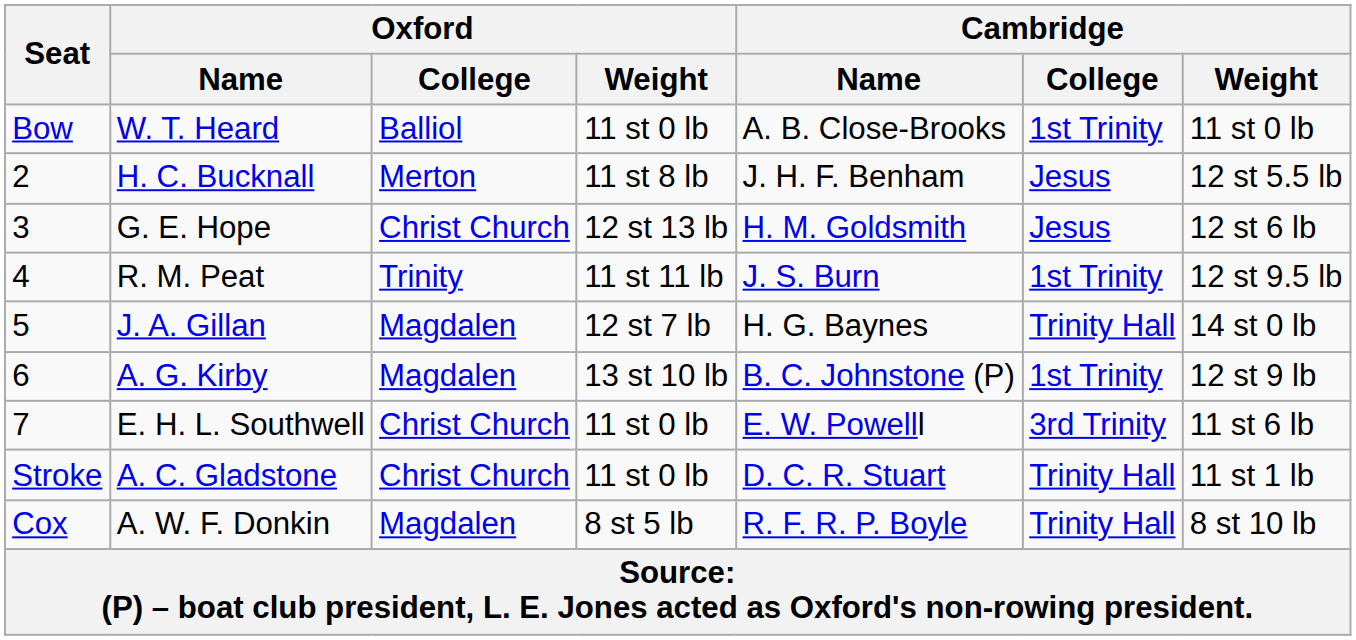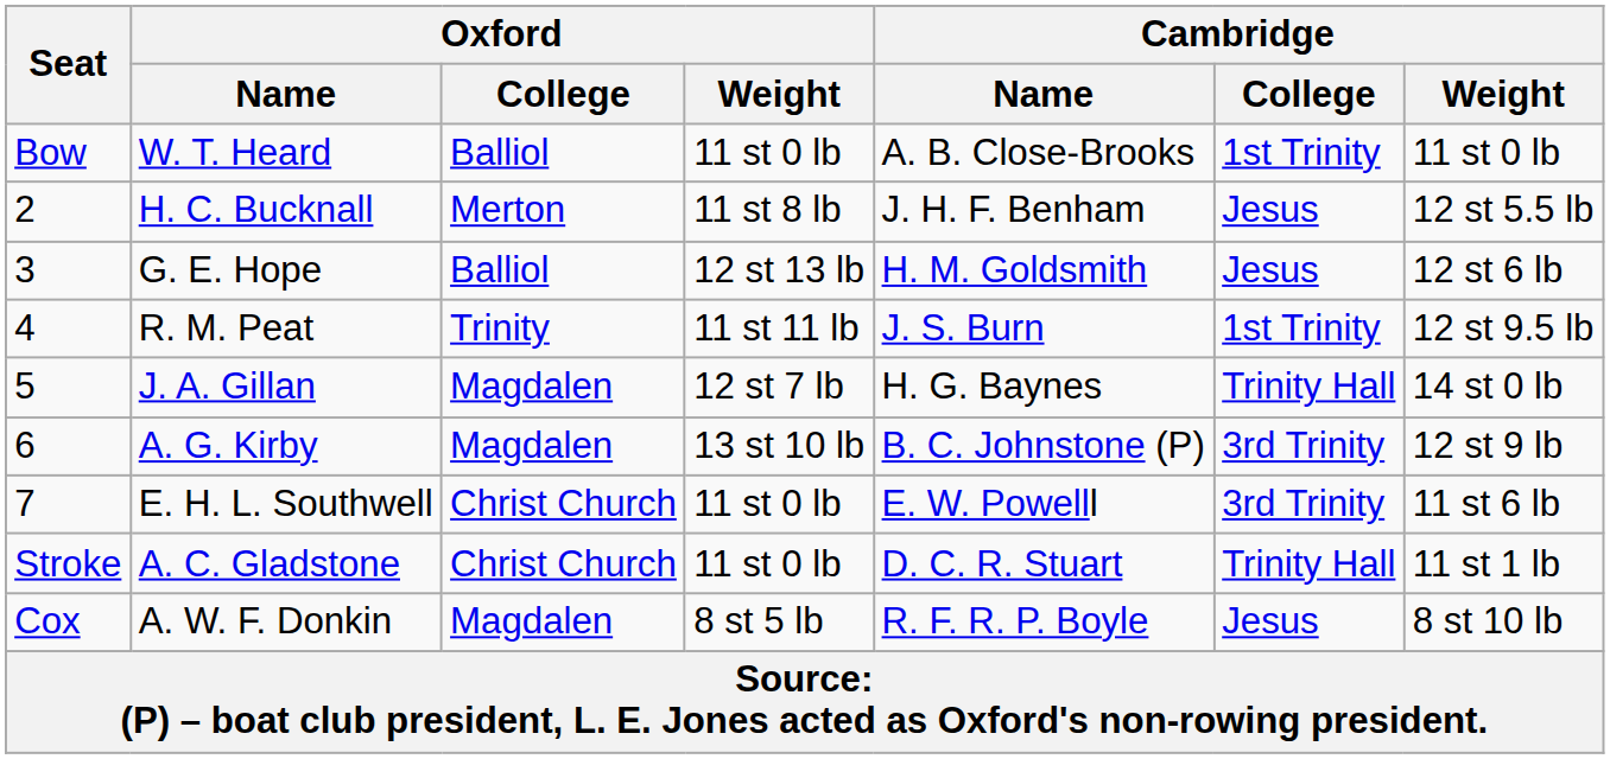 <table class="wikitable">
 <tr>
 <th rowspan="2" scope="col">Seat</th>
 <th colspan="3" scope="col">Oxford <br> </th>
 <th colspan="3" scope="col">Cambridge <br> </th>
 </tr>
 <tr>
 <th>Name</th>
 <th>College</th>
 <th>Weight</th>
 <th>Name</th>
 <th>College</th>
 <th>Weight</th>
 </tr>
 <tr>
 <td><a href='#'>Bow</a></td>
 <td><a href='#'>W. T. Heard</a></td>
 <td><a href='#'>Balliol</a></td>
 <td>11 st 0 lb</td>
 <td>A. B. Close-Brooks</td>
 <td><a href='#'>1st Trinity</a></td>
 <td>11 st 0 lb</td>
 </tr>
 <tr>
 <td>2</td>
 <td><a href='#'>H. C. Bucknall</a></td>
 <td><a href='#'>Merton</a></td>
 <td>11 st 8 lb</td>
 <td>J. H. F. Benham</td>
 <td><a href='#'>Jesus</a></td>
 <td>12 st 5.5 lb</td>
 </tr>
 <tr>
 <td>3</td>
 <td>G. E. Hope</td>
-<td><a href='#'>Christ Church</a></td>
+<td><a href='#'>Balliol</a></td>
 <td>12 st 13 lb</td>
 <td><a href='#'>H. M. Goldsmith</a></td>
 <td><a href='#'>Jesus</a></td>
 <td>12 st 6 lb</td>
 </tr>
 <tr>
 <td>4</td>
 <td>R. M. Peat</td>
 <td><a href='#'>Trinity</a></td>
 <td>11 st 11 lb</td>
 <td><a href='#'>J. S. Burn</a></td>
 <td><a href='#'>1st Trinity</a></td>
 <td>12 st 9.5 lb</td>
 </tr>
 <tr>
 <td>5</td>
 <td><a href='#'>J. A. Gillan</a></td>
 <td><a href='#'>Magdalen</a></td>
 <td>12 st 7 lb</td>
 <td>H. G. Baynes</td>
 <td><a href='#'>Trinity Hall</a></td>
 <td>14 st 0 lb</td>
 </tr>
 <tr>
 <td>6</td>
 <td><a href='#'>A. G. Kirby</a></td>
 <td><a href='#'>Magdalen</a></td>
 <td>13 st 10 lb</td>
 <td><a href='#'>B. C. Johnstone</a> (P)</td>
-<td><a href='#'>1st Trinity</a></td>
+<td><a href='#'>3rd Trinity</a></td>
 <td>12 st 9 lb</td>
 </tr>
 <tr>
 <td>7</td>
 <td>E. H. L. Southwell</td>
 <td><a href='#'>Christ Church</a></td>
 <td>11 st 0 lb</td>
 <td><a href='#'>E. W. Powell</a>l</td>
 <td><a href='#'>3rd Trinity</a></td>
 <td>11 st 6 lb</td>
 </tr>
 <tr>
 <td><a href='#'>Stroke</a></td>
 <td><a href='#'>A. C. Gladstone</a></td>
 <td><a href='#'>Christ Church</a></td>
 <td>11 st 0 lb</td>
 <td><a href='#'>D. C. R. Stuart</a></td>
 <td><a href='#'>Trinity Hall</a></td>
 <td>11 st 1 lb</td>
 </tr>
 <tr>
 <td><a href='#'>Cox</a></td>
 <td>A. W. F. Donkin</td>
 <td><a href='#'>Magdalen</a></td>
 <td>8 st 5 lb</td>
 <td><a href='#'>R. F. R. P. Boyle</a></td>
-<td><a href='#'>Trinity Hall</a></td>
+<td><a href='#'>Jesus</a></td>
 <td>8 st 10 lb</td>
 </tr>
 <tr>
 <th colspan="7">Source:<br>(P) – boat club president, L. E. Jones acted as Oxford's non-rowing president.<br></th>
 </tr>
 </table>
